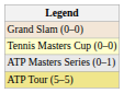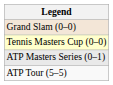 <table class="wikitable sortable mw-collapsible mw-collapsed">
 <tr>
 <th>Legend</th>
 </tr>
 <tr style="background:#f3e6d7;">
 <td>Grand Slam (0–0)</td>
 </tr>
 <tr style="background:#ffc;">
 <td>Tennis Masters Cup (0–0)</td>
 </tr>
 <tr style="background:#e9e9e9;">
 <td>ATP Masters Series (0–1)</td>
 </tr>
 <tr>
-<td style="background: khaki;">ATP Tour (5–5)</td>
+<td>ATP Tour (5–5)</td>
 </tr>
 </table>
